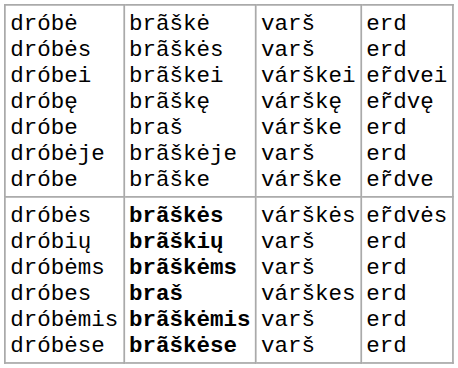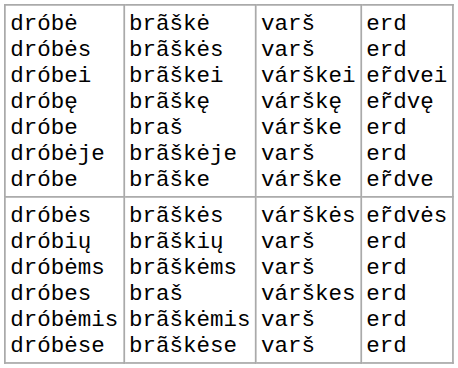 <table class=wikitable style="font-family: monospace; background:#FFFFFF">
 <tr>
 <td>dróbė<br>dróbės<br>dróbei<br>dróbę<br>dróbe<br>dróbėje<br>dróbe</td>
 <td>brãškė<br>brãškės<br>brãškei<br>brãškę<br>braš<br>brãškėje<br>brãške</td>
 <td>varš<br>varš<br>várškei<br>várškę<br>várške<br>varš<br>várške</td>
 <td>erd<br>erd<br>er̃dvei<br>er̃dvę<br>erd<br>erd<br>er̃dve</td>
 </tr>
 <tr>
 <td>dróbės<br>dróbių<br>dróbėms<br>dróbes<br>dróbėmis<br>dróbėse</td>
-<td><strong>brãškės<br>brãškių<br>brãškėms<br>braš<br>brãškėmis<br>brãškėse</strong></td>
+<td>brãškės<br>brãškių<br>brãškėms<br>braš<br>brãškėmis<br>brãškėse</td>
 <td>várškės<br>varš<br>varš<br>várškes<br>varš<br>varš</td>
 <td>er̃dvės<br>erd<br>erd<br>erd<br>erd<br>erd</td>
 </tr>
 </table>
